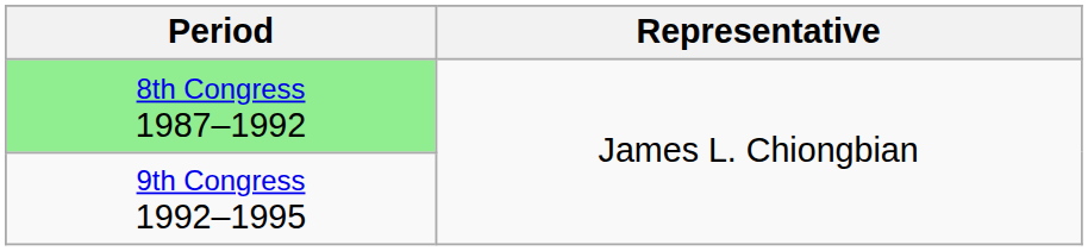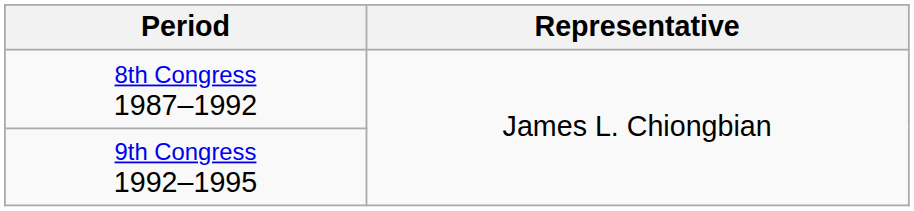 <table class="wikitable" style="text-align:center; width:40%;">
 <tr>
 <th width="40%">Period</th>
 <th>Representative</th>
 </tr>
 <tr>
-<td style="background: lightgreen;"><small><a href='#'>8th Congress</a></small><br>1987–1992</td>
+<td><small><a href='#'>8th Congress</a></small><br>1987–1992</td>
 <td rowspan="2">James L. Chiongbian</td>
 </tr>
 <tr>
 <td><small><a href='#'>9th Congress</a></small><br>1992–1995</td>
 </tr>
 </table>
